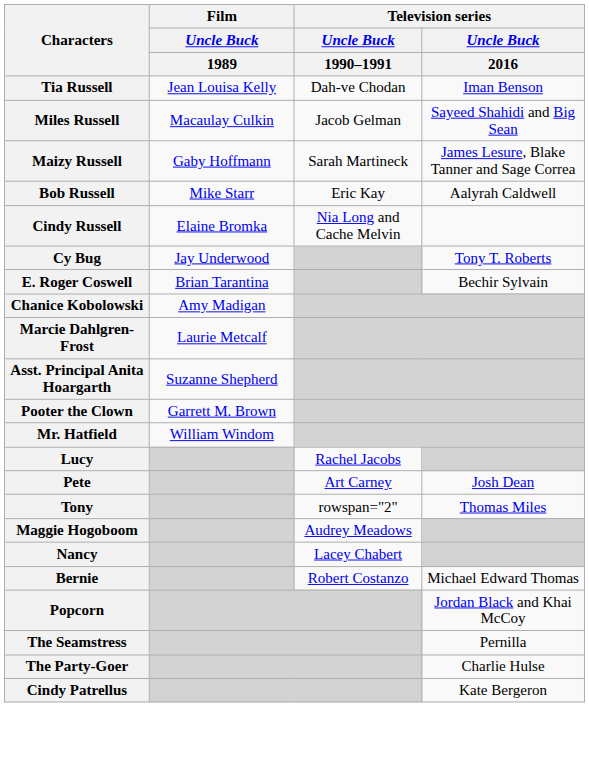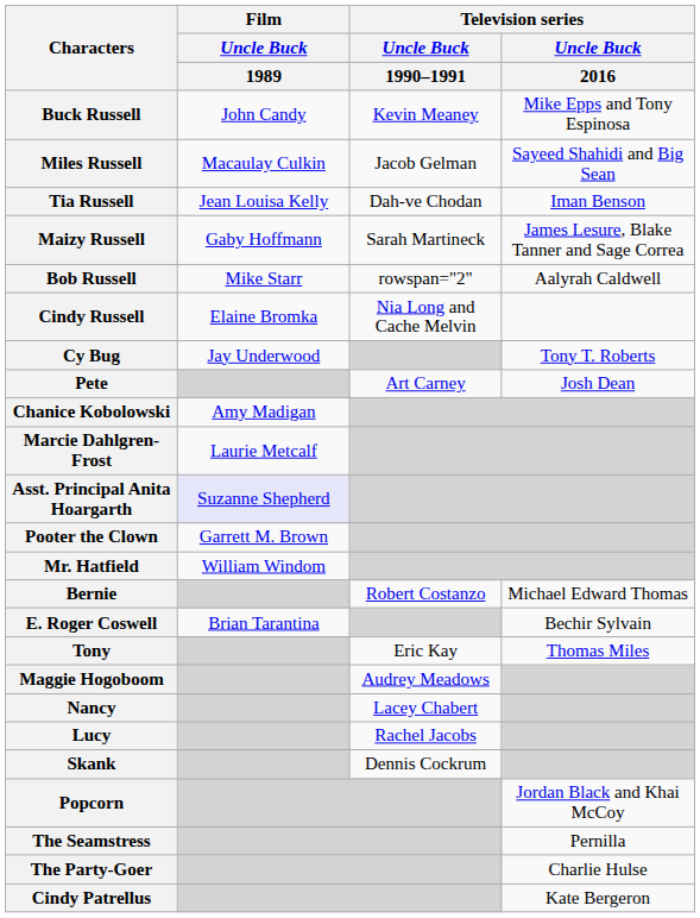 <table class="wikitable"  style="text-align:center; width:99%;">
 <tr>
 <th rowspan="3" style="width:25%;">Characters</th>
 <th style="text-align:center;">Film</th>
 <th colspan="2" style="width:50%;">Television series</th>
 </tr>
 <tr>
 <th style="width:25%;"><em><a href='#'>Uncle Buck</a></em></th>
 <th style="width:22%;"><a href='#'><em>Uncle Buck</em></a></th>
 <th style="width:28%;"><a href='#'><em>Uncle Buck</em></a></th>
 </tr>
 <tr>
 <th>1989</th>
 <th>1990–1991</th>
 <th>2016</th>
 </tr>
 <tr>
-<th>Tia Russell</th>
-<td><a href='#'>Jean Louisa Kelly</a></td>
-<td>Dah-ve Chodan</td>
-<td><a href='#'>Iman Benson</a></td>
+<th>Buck Russell</th>
+<td><a href='#'>John Candy</a></td>
+<td><a href='#'>Kevin Meaney</a></td>
+<td><a href='#'>Mike Epps</a> and Tony Espinosa</td>
 </tr>
 <tr>
 <th>Miles Russell</th>
 <td><a href='#'>Macaulay Culkin</a></td>
 <td>Jacob Gelman</td>
 <td><a href='#'>Sayeed Shahidi</a> and <a href='#'>Big Sean</a></td>
+</tr>
+<tr>
+<th>Tia Russell</th>
+<td><a href='#'>Jean Louisa Kelly</a></td>
+<td>Dah-ve Chodan</td>
+<td><a href='#'>Iman Benson</a></td>
 </tr>
 <tr>
 <th>Maizy Russell</th>
 <td><a href='#'>Gaby Hoffmann</a></td>
 <td>Sarah Martineck</td>
 <td><a href='#'>James Lesure</a>, Blake Tanner and Sage Correa<br></td>
 </tr>
 <tr>
 <th>Bob Russell</th>
 <td><a href='#'>Mike Starr</a></td>
-<td>Eric Kay</td>
+<td>rowspan="2" </td>
 <td>Aalyrah Caldwell</td>
 </tr>
 <tr>
 <th>Cindy Russell</th>
 <td><a href='#'>Elaine Bromka</a></td>
 <td><a href='#'>Nia Long</a> and Cache Melvin<br></td>
 </tr>
 <tr>
 <th>Cy Bug</th>
 <td><a href='#'>Jay Underwood</a></td>
 <td style="background:lightgrey;"></td>
 <td><a href='#'>Tony T. Roberts</a></td>
 </tr>
 <tr>
-<th>E. Roger Coswell</th>
-<td><a href='#'>Brian Tarantina</a></td>
+<th>Pete</th>
 <td style="background:lightgrey;"></td>
-<td>Bechir Sylvain</td>
+<td><a href='#'>Art Carney</a></td>
+<td><a href='#'>Josh Dean</a></td>
 </tr>
 <tr>
 <th>Chanice Kobolowski</th>
 <td><a href='#'>Amy Madigan</a></td>
 <td colspan="2" style="background:lightgrey;"></td>
 </tr>
 <tr>
 <th>Marcie Dahlgren-Frost</th>
 <td><a href='#'>Laurie Metcalf</a></td>
 <td colspan="2" style="background:lightgrey;"></td>
 </tr>
 <tr>
 <th>Asst. Principal Anita Hoargarth</th>
-<td><a href='#'>Suzanne Shepherd</a></td>
+<td style="background: lavender;"><a href='#'>Suzanne Shepherd</a></td>
 <td colspan="2" style="background:lightgrey;"></td>
 </tr>
 <tr>
 <th>Pooter the Clown</th>
 <td><a href='#'>Garrett M. Brown</a></td>
 <td colspan="2" style="background:lightgrey;"></td>
 </tr>
 <tr>
 <th>Mr. Hatfield</th>
 <td><a href='#'>William Windom</a></td>
 <td colspan="2" style="background:lightgrey;"></td>
 </tr>
 <tr>
-<th>Lucy</th>
+<th>Bernie</th>
 <td style="background:lightgrey;"></td>
-<td><a href='#'>Rachel Jacobs</a></td>
-<td style="background:lightgrey;"></td>
+<td><a href='#'>Robert Costanzo</a></td>
+<td>Michael Edward Thomas</td>
 </tr>
 <tr>
-<th>Pete</th>
+<th>E. Roger Coswell</th>
+<td><a href='#'>Brian Tarantina</a></td>
 <td style="background:lightgrey;"></td>
-<td><a href='#'>Art Carney</a></td>
-<td><a href='#'>Josh Dean</a></td>
+<td>Bechir Sylvain</td>
 </tr>
 <tr>
 <th>Tony</th>
 <td style="background:lightgrey;"></td>
-<td>rowspan="2" </td>
+<td>Eric Kay</td>
 <td><a href='#'>Thomas Miles</a></td>
 </tr>
 <tr>
 <th>Maggie Hogoboom</th>
 <td style="background:lightgrey;"></td>
 <td><a href='#'>Audrey Meadows</a></td>
 <td style="background:lightgrey;"></td>
 </tr>
 <tr>
 <th>Nancy</th>
 <td style="background:lightgrey;"></td>
 <td><a href='#'>Lacey Chabert</a></td>
 <td style="background:lightgrey;"></td>
 </tr>
 <tr>
-<th>Bernie</th>
+<th>Lucy</th>
 <td style="background:lightgrey;"></td>
-<td><a href='#'>Robert Costanzo</a></td>
-<td>Michael Edward Thomas</td>
+<td><a href='#'>Rachel Jacobs</a></td>
+<td style="background:lightgrey;"></td>
+</tr>
+<tr>
+<th>Skank</th>
+<td style="background:lightgrey;"></td>
+<td>Dennis Cockrum</td>
+<td style="background:lightgrey;"></td>
 </tr>
 <tr>
 <th>Popcorn</th>
 <td colspan="2" style="background:lightgrey;"></td>
 <td><a href='#'>Jordan Black</a> and Khai McCoy</td>
 </tr>
 <tr>
 <th>The Seamstress</th>
 <td colspan="2" style="background:lightgrey;"></td>
 <td>Pernilla</td>
 </tr>
 <tr>
 <th>The Party-Goer</th>
 <td colspan="2" style="background:lightgrey;"></td>
 <td>Charlie Hulse</td>
 </tr>
 <tr>
 <th>Cindy Patrellus</th>
 <td colspan="2" style="background:lightgrey;"></td>
 <td>Kate Bergeron</td>
 </tr>
 </table>
